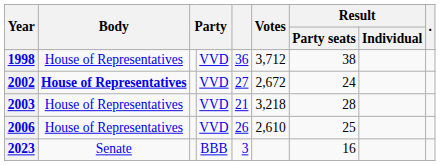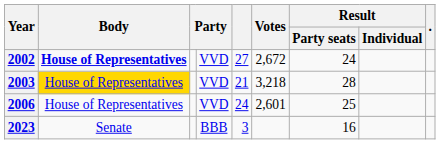 <table class="wikitable plainrowheaders sortable" border=2 cellpadding=4 cellspacing=0 style="border: 1px #aaa solid; font-size: 90%; text-align:center;">
 <tr>
 <th scope="col" rowspan=2>Year</th>
 <th scope="col" rowspan=2>Body</th>
 <th scope="col" colspan=2 rowspan=2>Party</th>
 <th scope="col" rowspan=2></th>
 <th scope="col" rowspan=2>Votes</th>
 <th scope="colgroup" colspan=2>Result</th>
 <th scope="col" rowspan=2 class="unsortable">.</th>
 </tr>
 <tr>
 <th scope="col">Party seats</th>
 <th scope="col">Individual</th>
 </tr>
 <tr>
-<th scope="row"><a href='#'>1998</a></th>
-<td><a href='#'>House of Representatives</a></td>
-<td style="background-color:"></td>
-<td><a href='#'>VVD</a></td>
-<td style=text-align:right><a href='#'>36</a></td>
-<td style=text-align:right>3,712</td>
-<td style=text-align:right>38</td>
-<td></td>
-<td></td>
-</tr>
-<tr>
 <th scope="row"><a href='#'>2002</a></th>
 <td><strong><a href='#'>House of Representatives</a></strong></td>
 <td style="background-color:"></td>
 <td><a href='#'>VVD</a></td>
 <td style=text-align:right><a href='#'>27</a></td>
 <td style=text-align:right>2,672</td>
 <td style=text-align:right>24</td>
 <td></td>
 <td></td>
 </tr>
 <tr>
 <th scope="row"><a href='#'>2003</a></th>
-<td><a href='#'>House of Representatives</a></td>
+<td style="background: gold;"><a href='#'>House of Representatives</a></td>
 <td style="background-color:"></td>
 <td><a href='#'>VVD</a></td>
 <td style=text-align:right><a href='#'>21</a></td>
 <td style=text-align:right>3,218</td>
 <td style=text-align:right>28</td>
 <td></td>
 <td></td>
 </tr>
 <tr>
 <th scope="row"><a href='#'>2006</a></th>
 <td><a href='#'>House of Representatives</a></td>
 <td style="background-color:"></td>
 <td><a href='#'>VVD</a></td>
-<td style=text-align:right><a href='#'>26</a></td>
-<td style=text-align:right>2,610</td>
+<td style=text-align:right><a href='#'>24</a></td>
+<td style=text-align:right>2,601</td>
 <td style=text-align:right>25</td>
 <td></td>
 <td></td>
 </tr>
 <tr>
 <th scope="row"><a href='#'>2023</a></th>
 <td><a href='#'>Senate</a></td>
 <td style="background-color:"></td>
 <td><a href='#'>BBB</a></td>
 <td style=text-align:right><a href='#'>3</a></td>
 <td style=text-align:right></td>
 <td style=text-align:right>16</td>
 <td></td>
 <td></td>
 </tr>
 </table>
